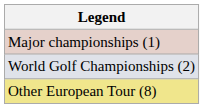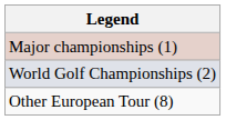 <table class="wikitable" style="font-size:95%;">
 <tr>
 <th>Legend</th>
 </tr>
 <tr style="background:#e5d1cb;">
 <td>Major championships (1)</td>
 </tr>
 <tr style="background:#dfe2e9;">
 <td>World Golf Championships (2)</td>
 </tr>
 <tr>
-<td style="background: khaki;">Other European Tour (8)</td>
+<td>Other European Tour (8)</td>
 </tr>
 </table>
